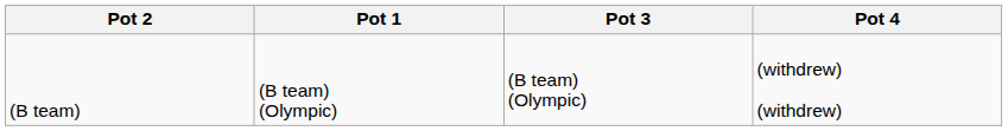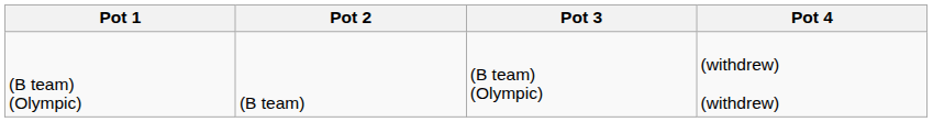 <table class="wikitable" style="width:98%;">
 <tr>
+<th width=25%><strong>Pot 1</strong></th>
 <th width=25%><strong>Pot 2</strong></th>
-<th width=25%><strong>Pot 1</strong></th>
 <th width=25%><strong>Pot 3</strong></th>
 <th width=25%><strong>Pot 4</strong></th>
 </tr>
 <tr>
+<td><br> <br>  (B team) <br>  (Olympic)</td>
 <td><br> <br>  <br>  (B team)</td>
-<td><br> <br>  (B team) <br>  (Olympic)</td>
 <td><br> (B team) <br>  (Olympic) <br> </td>
 <td><br> (withdrew) <br>  <br>  (withdrew)</td>
 </tr>
 </table>
